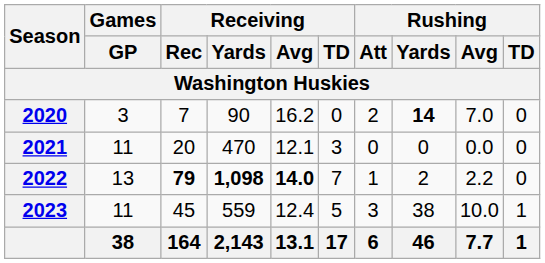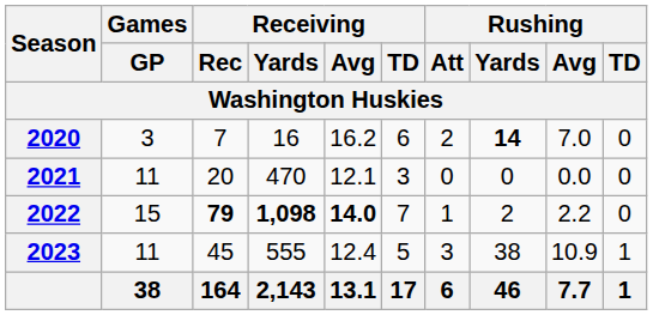 <table class="wikitable" style="text-align:center;">
 <tr>
 <th rowspan="2">Season</th>
 <th>Games</th>
 <th colspan="4">Receiving</th>
 <th colspan="4">Rushing</th>
 </tr>
 <tr>
 <th>GP</th>
 <th>Rec</th>
 <th>Yards</th>
 <th>Avg</th>
 <th>TD</th>
 <th>Att</th>
 <th>Yards</th>
 <th>Avg</th>
 <th>TD</th>
 </tr>
 <tr>
 <th colspan="11">Washington Huskies</th>
 </tr>
 <tr>
 <th><a href='#'>2020</a></th>
 <td>3</td>
 <td>7</td>
-<td>90</td>
+<td>16</td>
 <td>16.2</td>
-<td>0</td>
+<td>6</td>
 <td>2</td>
 <td><strong>14</strong></td>
 <td>7.0</td>
 <td>0</td>
 </tr>
 <tr>
 <th><a href='#'>2021</a></th>
 <td>11</td>
 <td>20</td>
 <td>470</td>
 <td>12.1</td>
 <td>3</td>
 <td>0</td>
 <td>0</td>
 <td>0.0</td>
 <td>0</td>
 </tr>
 <tr>
 <th><a href='#'>2022</a></th>
-<td>13</td>
+<td>15</td>
 <td><strong>79</strong></td>
 <td><strong>1,098</strong></td>
 <td><strong>14.0</strong></td>
 <td>7</td>
 <td>1</td>
 <td>2</td>
 <td>2.2</td>
 <td>0</td>
 </tr>
 <tr>
 <th><a href='#'>2023</a></th>
 <td>11</td>
 <td>45</td>
-<td>559</td>
+<td>555</td>
 <td>12.4</td>
 <td>5</td>
 <td>3</td>
 <td>38</td>
-<td>10.0</td>
+<td>10.9</td>
 <td>1</td>
 </tr>
 <tr>
 <th></th>
 <th>38</th>
 <th>164</th>
 <th>2,143</th>
 <th>13.1</th>
 <th>17</th>
 <th>6</th>
 <th>46</th>
 <th>7.7</th>
 <th>1</th>
 </tr>
 </table>
